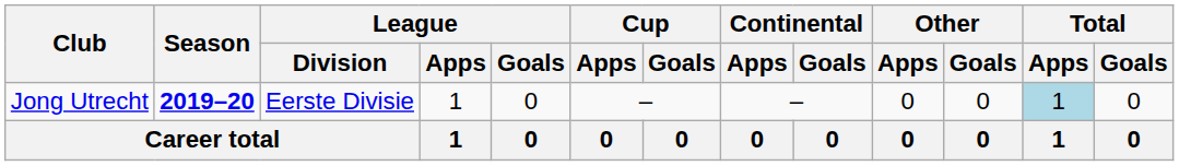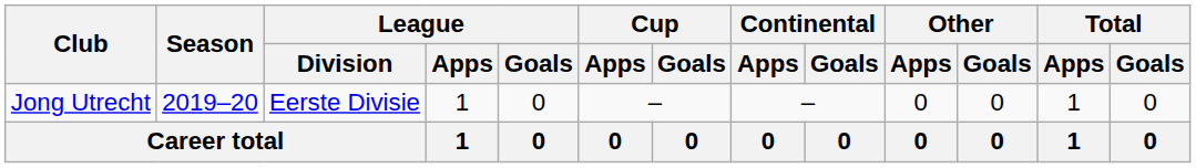 <table class="wikitable" style="text-align: center">
 <tr>
 <th rowspan="2">Club</th>
 <th rowspan="2">Season</th>
 <th colspan="3">League</th>
 <th colspan="2">Cup</th>
 <th colspan="2">Continental</th>
 <th colspan="2">Other</th>
 <th colspan="2">Total</th>
 </tr>
 <tr>
 <th>Division</th>
 <th>Apps</th>
 <th>Goals</th>
 <th>Apps</th>
 <th>Goals</th>
 <th>Apps</th>
 <th>Goals</th>
 <th>Apps</th>
 <th>Goals</th>
 <th>Apps</th>
 <th>Goals</th>
 </tr>
 <tr>
 <td><a href='#'>Jong Utrecht</a></td>
-<td><strong><a href='#'>2019–20</a></strong></td>
+<td><a href='#'>2019–20</a></td>
 <td><a href='#'>Eerste Divisie</a></td>
 <td>1</td>
 <td>0</td>
 <td colspan="2">–</td>
 <td colspan="2">–</td>
 <td>0</td>
 <td>0</td>
-<td style="background: lightblue;">1</td>
+<td>1</td>
 <td>0</td>
 </tr>
 <tr>
 <th colspan="3"><strong>Career total</strong></th>
 <th>1</th>
 <th>0</th>
 <th>0</th>
 <th>0</th>
 <th>0</th>
 <th>0</th>
 <th>0</th>
 <th>0</th>
 <th>1</th>
 <th>0</th>
 </tr>
 </table>
